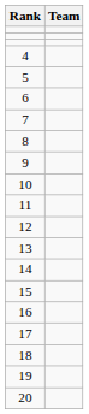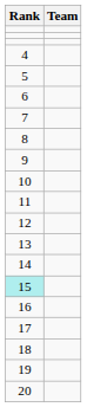 <table class="wikitable" style="text-align: center;">
 <tr>
 <th width=40>Rank</th>
 <th>Team</th>
 </tr>
 <tr>
 <td></td>
 <td align=left></td>
 </tr>
 <tr>
 <td></td>
 <td align=left></td>
 </tr>
 <tr>
 <td></td>
 <td align=left></td>
 </tr>
 <tr>
 <td>4</td>
 <td align=left></td>
 </tr>
 <tr>
 <td>5</td>
 <td align=left></td>
 </tr>
 <tr>
 <td>6</td>
 <td align=left></td>
 </tr>
 <tr>
 <td>7</td>
 <td align=left></td>
 </tr>
 <tr>
 <td>8</td>
 <td align=left></td>
 </tr>
 <tr>
 <td>9</td>
 <td align=left></td>
 </tr>
 <tr>
 <td>10</td>
 <td align=left></td>
 </tr>
 <tr>
 <td>11</td>
 <td align=left></td>
 </tr>
 <tr>
 <td>12</td>
 <td align=left></td>
 </tr>
 <tr>
 <td>13</td>
 <td align=left></td>
 </tr>
 <tr>
 <td>14</td>
 <td align=left></td>
 </tr>
 <tr>
-<td>15</td>
+<td style="background: paleturquoise;">15</td>
 <td align=left></td>
 </tr>
 <tr>
 <td>16</td>
 <td align=left></td>
 </tr>
 <tr>
 <td>17</td>
 <td align=left></td>
 </tr>
 <tr>
 <td>18</td>
 <td align=left></td>
 </tr>
 <tr>
 <td>19</td>
 <td align=left></td>
 </tr>
 <tr>
 <td>20</td>
 <td align=left></td>
 </tr>
 </table>
